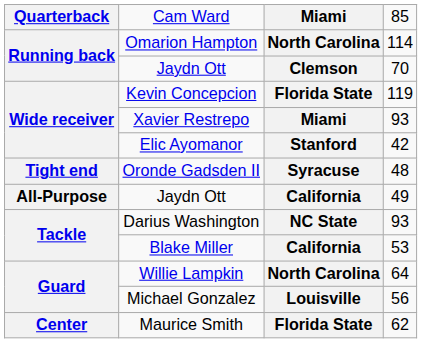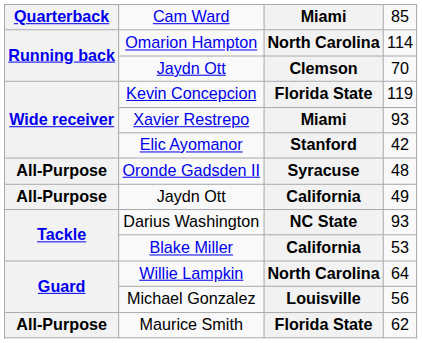 <table class="wikitable" style="text-align: center;">
 <tr>
 <th rowspan="1"><a href='#'>Quarterback</a></th>
 <td><a href='#'>Cam Ward</a></td>
 <th>Miami</th>
 <td>85</td>
 </tr>
 <tr>
 <th rowspan="2"><a href='#'>Running back</a></th>
 <td><a href='#'>Omarion Hampton</a></td>
 <th>North Carolina</th>
 <td>114</td>
 </tr>
 <tr>
 <td><a href='#'>Jaydn Ott</a></td>
 <th>Clemson</th>
 <td>70</td>
 </tr>
 <tr>
 <th rowspan="3"><a href='#'>Wide receiver</a></th>
 <td><a href='#'>Kevin Concepcion</a></td>
 <th>Florida State</th>
 <td>119</td>
 </tr>
 <tr>
 <td><a href='#'>Xavier Restrepo</a></td>
 <th>Miami</th>
 <td>93</td>
 </tr>
 <tr>
 <td><a href='#'>Elic Ayomanor</a></td>
 <th>Stanford</th>
 <td>42</td>
 </tr>
 <tr>
-<th rowspan="1"><a href='#'>Tight end</a></th>
+<th rowspan="1">All-Purpose</th>
 <td><a href='#'>Oronde Gadsden II</a></td>
 <th>Syracuse</th>
 <td>48</td>
 </tr>
 <tr>
 <th rowspan="1">All-Purpose</th>
 <td>Jaydn Ott</td>
 <th>California</th>
 <td>49</td>
 </tr>
 <tr>
 <th rowspan="2"><a href='#'>Tackle</a></th>
 <td>Darius Washington</td>
 <th>NC State</th>
 <td>93</td>
 </tr>
 <tr>
 <td><a href='#'>Blake Miller</a></td>
 <th>California</th>
 <td>53</td>
 </tr>
 <tr>
 <th rowspan="2"><a href='#'>Guard</a></th>
 <td><a href='#'>Willie Lampkin</a></td>
 <th>North Carolina</th>
 <td>64</td>
 </tr>
 <tr>
 <td>Michael Gonzalez</td>
 <th>Louisville</th>
 <td>56</td>
 </tr>
 <tr>
-<th rowspan="1"><a href='#'>Center</a></th>
+<th rowspan="1">All-Purpose</th>
 <td>Maurice Smith</td>
 <th>Florida State</th>
 <td>62</td>
 </tr>
 </table>
